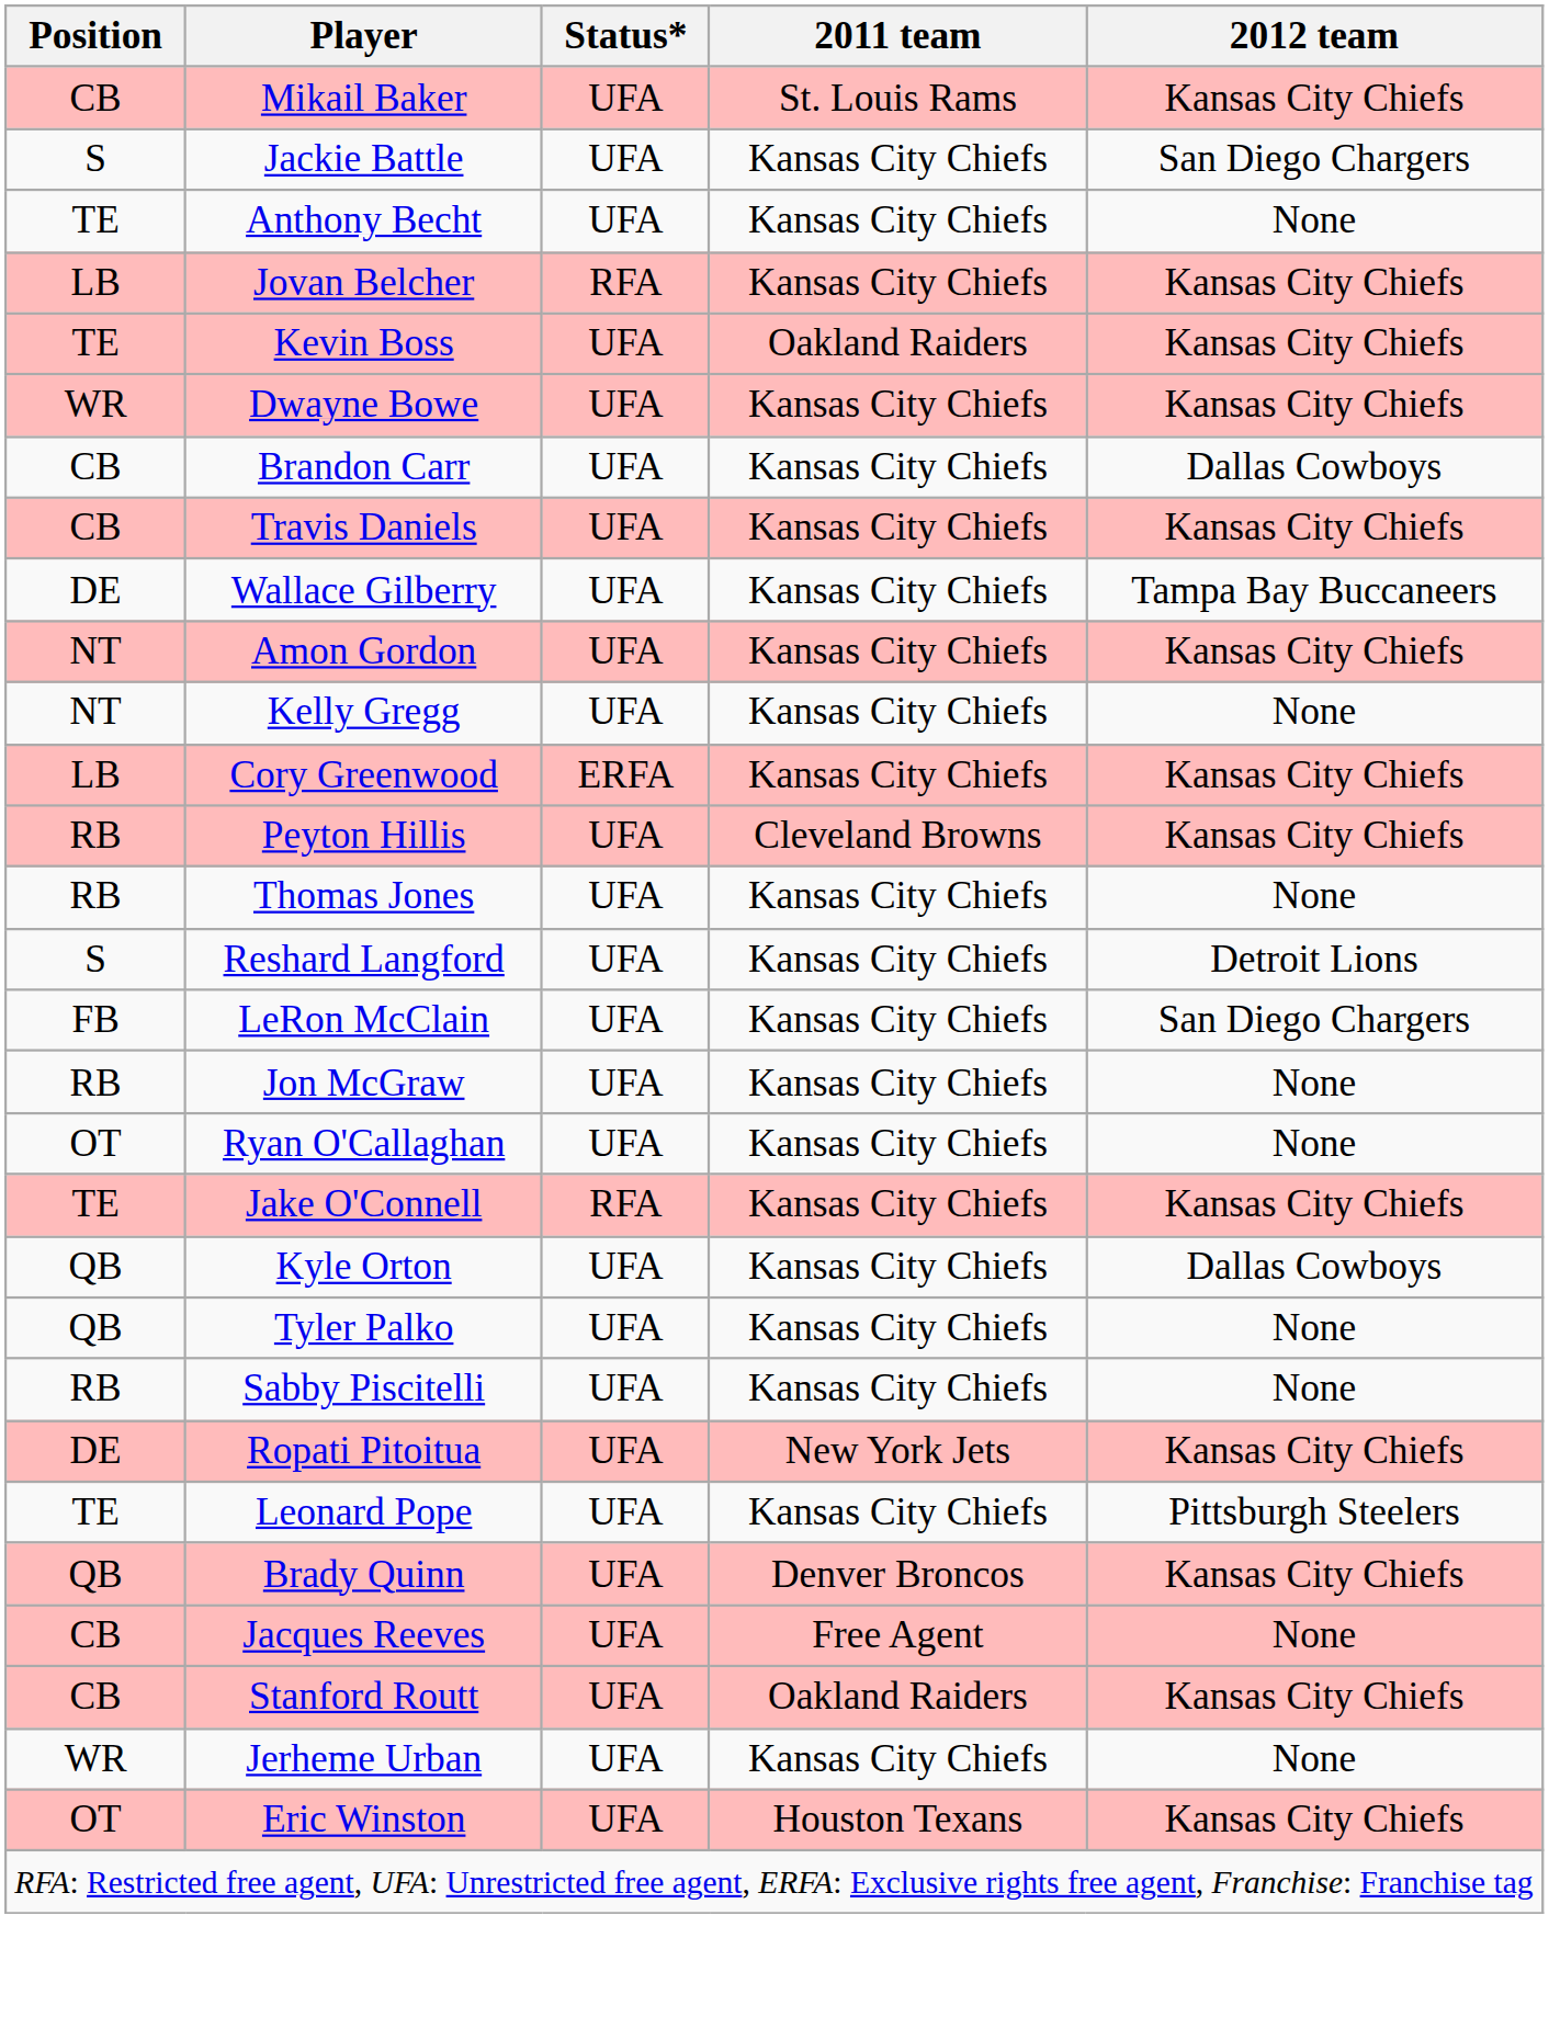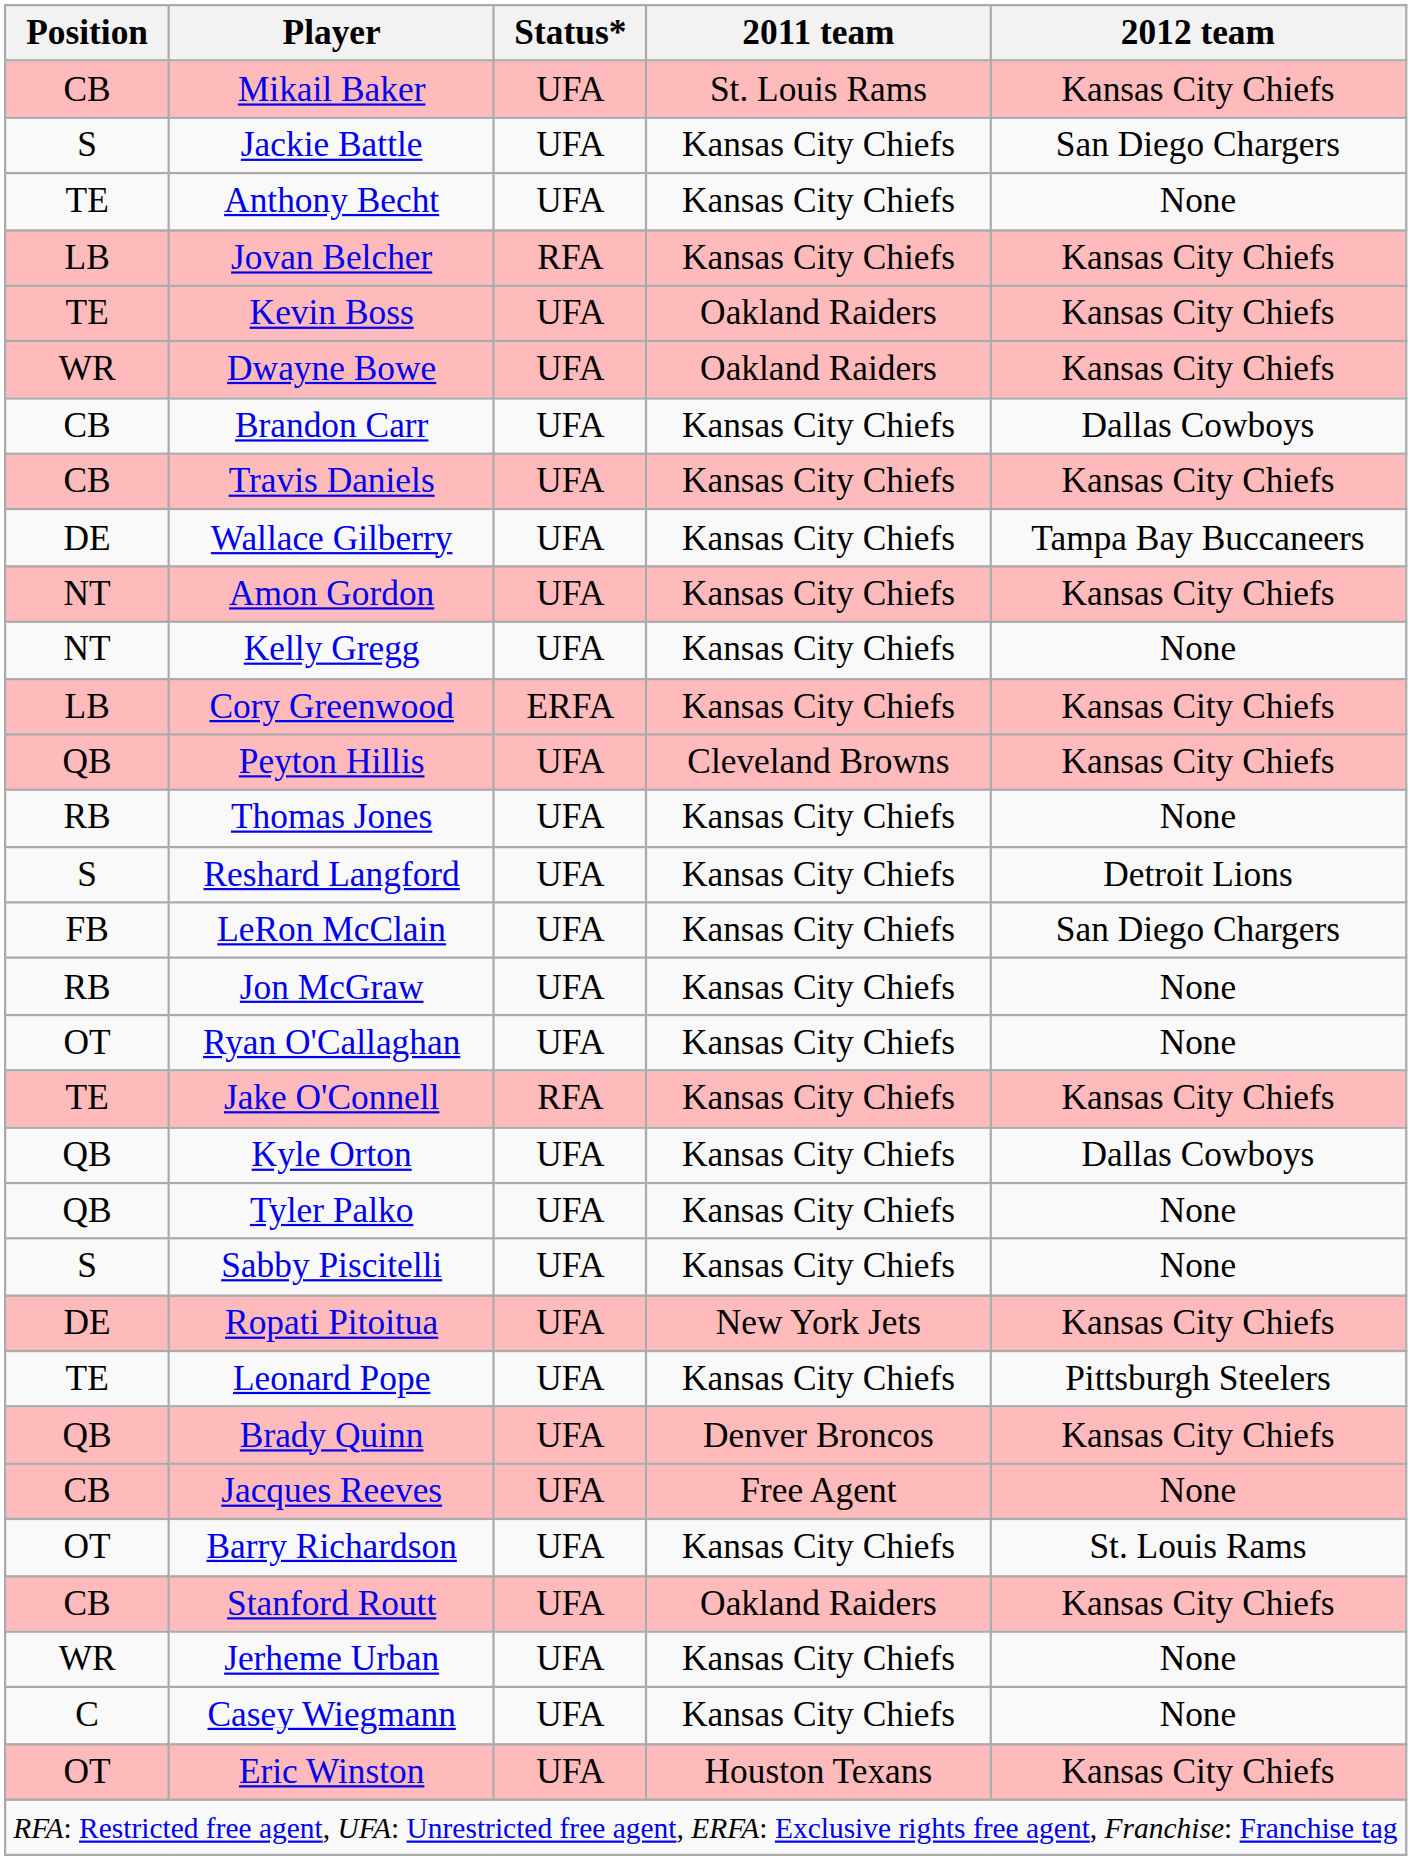 <table class="wikitable sortable" style="text-align:center">
 <tr>
 <th>Position</th>
 <th>Player</th>
 <th>Status*</th>
 <th>2011 team</th>
 <th>2012 team</th>
 </tr>
 <tr style="background:#fbb">
 <td>CB</td>
 <td><a href='#'>Mikail Baker</a></td>
 <td>UFA</td>
 <td>St. Louis Rams</td>
 <td>Kansas City Chiefs</td>
 </tr>
 <tr>
 <td>S</td>
 <td><a href='#'>Jackie Battle</a></td>
 <td>UFA</td>
 <td>Kansas City Chiefs</td>
 <td>San Diego Chargers</td>
 </tr>
 <tr>
 <td>TE</td>
 <td><a href='#'>Anthony Becht</a></td>
 <td>UFA</td>
 <td>Kansas City Chiefs</td>
 <td>None</td>
 </tr>
 <tr style="background:#fbb">
 <td>LB</td>
 <td><a href='#'>Jovan Belcher</a></td>
 <td>RFA</td>
 <td>Kansas City Chiefs</td>
 <td>Kansas City Chiefs</td>
 </tr>
 <tr style="background:#fbb">
 <td>TE</td>
 <td><a href='#'>Kevin Boss</a></td>
 <td>UFA</td>
 <td>Oakland Raiders</td>
 <td>Kansas City Chiefs</td>
 </tr>
 <tr style="background:#fbb">
 <td>WR</td>
 <td><a href='#'>Dwayne Bowe</a></td>
 <td>UFA</td>
-<td>Kansas City Chiefs</td>
+<td>Oakland Raiders</td>
 <td>Kansas City Chiefs</td>
 </tr>
 <tr>
 <td>CB</td>
 <td><a href='#'>Brandon Carr</a></td>
 <td>UFA</td>
 <td>Kansas City Chiefs</td>
 <td>Dallas Cowboys</td>
 </tr>
 <tr style="background:#fbb">
 <td>CB</td>
 <td><a href='#'>Travis Daniels</a></td>
 <td>UFA</td>
 <td>Kansas City Chiefs</td>
 <td>Kansas City Chiefs</td>
 </tr>
 <tr>
 <td>DE</td>
 <td><a href='#'>Wallace Gilberry</a></td>
 <td>UFA</td>
 <td>Kansas City Chiefs</td>
 <td>Tampa Bay Buccaneers</td>
 </tr>
 <tr style="background:#fbb">
 <td>NT</td>
 <td><a href='#'>Amon Gordon</a></td>
 <td>UFA</td>
 <td>Kansas City Chiefs</td>
 <td>Kansas City Chiefs</td>
 </tr>
 <tr>
 <td>NT</td>
 <td><a href='#'>Kelly Gregg</a></td>
 <td>UFA</td>
 <td>Kansas City Chiefs</td>
 <td>None</td>
 </tr>
 <tr style="background:#fbb">
 <td>LB</td>
 <td><a href='#'>Cory Greenwood</a></td>
 <td>ERFA</td>
 <td>Kansas City Chiefs</td>
 <td>Kansas City Chiefs</td>
 </tr>
 <tr style="background:#fbb">
-<td>RB</td>
+<td>QB</td>
 <td><a href='#'>Peyton Hillis</a></td>
 <td>UFA</td>
 <td>Cleveland Browns</td>
 <td>Kansas City Chiefs</td>
 </tr>
 <tr>
 <td>RB</td>
 <td><a href='#'>Thomas Jones</a></td>
 <td>UFA</td>
 <td>Kansas City Chiefs</td>
 <td>None</td>
 </tr>
 <tr>
 <td>S</td>
 <td><a href='#'>Reshard Langford</a></td>
 <td>UFA</td>
 <td>Kansas City Chiefs</td>
 <td>Detroit Lions</td>
 </tr>
 <tr>
 <td>FB</td>
 <td><a href='#'>LeRon McClain</a></td>
 <td>UFA</td>
 <td>Kansas City Chiefs</td>
 <td>San Diego Chargers</td>
 </tr>
 <tr>
 <td>RB</td>
 <td><a href='#'>Jon McGraw</a></td>
 <td>UFA</td>
 <td>Kansas City Chiefs</td>
 <td>None</td>
 </tr>
 <tr>
 <td>OT</td>
 <td><a href='#'>Ryan O'Callaghan</a></td>
 <td>UFA</td>
 <td>Kansas City Chiefs</td>
 <td>None</td>
 </tr>
 <tr style="background:#fbb">
 <td>TE</td>
 <td><a href='#'>Jake O'Connell</a></td>
 <td>RFA</td>
 <td>Kansas City Chiefs</td>
 <td>Kansas City Chiefs</td>
 </tr>
 <tr>
 <td>QB</td>
 <td><a href='#'>Kyle Orton</a></td>
 <td>UFA</td>
 <td>Kansas City Chiefs</td>
 <td>Dallas Cowboys</td>
 </tr>
 <tr>
 <td>QB</td>
 <td><a href='#'>Tyler Palko</a></td>
 <td>UFA</td>
 <td>Kansas City Chiefs</td>
 <td>None</td>
 </tr>
 <tr>
-<td>RB</td>
+<td>S</td>
 <td><a href='#'>Sabby Piscitelli</a></td>
 <td>UFA</td>
 <td>Kansas City Chiefs</td>
 <td>None</td>
 </tr>
 <tr style="background:#fbb">
 <td>DE</td>
 <td><a href='#'>Ropati Pitoitua</a></td>
 <td>UFA</td>
 <td>New York Jets</td>
 <td>Kansas City Chiefs</td>
 </tr>
 <tr>
 <td>TE</td>
 <td><a href='#'>Leonard Pope</a></td>
 <td>UFA</td>
 <td>Kansas City Chiefs</td>
 <td>Pittsburgh Steelers</td>
 </tr>
 <tr style="background:#fbb">
 <td>QB</td>
 <td><a href='#'>Brady Quinn</a></td>
 <td>UFA</td>
 <td>Denver Broncos</td>
 <td>Kansas City Chiefs</td>
 </tr>
 <tr style="background:#fbb">
 <td>CB</td>
 <td><a href='#'>Jacques Reeves</a></td>
 <td>UFA</td>
 <td>Free Agent</td>
 <td>None</td>
 </tr>
+<tr>
+<td>OT</td>
+<td><a href='#'>Barry Richardson</a></td>
+<td>UFA</td>
+<td>Kansas City Chiefs</td>
+<td>St. Louis Rams</td>
+</tr>
 <tr style="background:#fbb">
 <td>CB</td>
 <td><a href='#'>Stanford Routt</a></td>
 <td>UFA</td>
 <td>Oakland Raiders</td>
 <td>Kansas City Chiefs</td>
 </tr>
 <tr>
 <td>WR</td>
 <td><a href='#'>Jerheme Urban</a></td>
+<td>UFA</td>
+<td>Kansas City Chiefs</td>
+<td>None</td>
+</tr>
+<tr>
+<td>C</td>
+<td><a href='#'>Casey Wiegmann</a></td>
 <td>UFA</td>
 <td>Kansas City Chiefs</td>
 <td>None</td>
 </tr>
 <tr style="background:#fbb">
 <td>OT</td>
 <td><a href='#'>Eric Winston</a></td>
 <td>UFA</td>
 <td>Houston Texans</td>
 <td>Kansas City Chiefs</td>
 </tr>
 <tr>
 <td colspan=5><small><em>RFA</em>: <a href='#'>Restricted free agent</a>, <em>UFA</em>: <a href='#'>Unrestricted free agent</a>, <em>ERFA</em>: <a href='#'>Exclusive rights free agent</a>, <em>Franchise</em>: <a href='#'>Franchise tag</a></small></td>
 </tr>
 </table>
